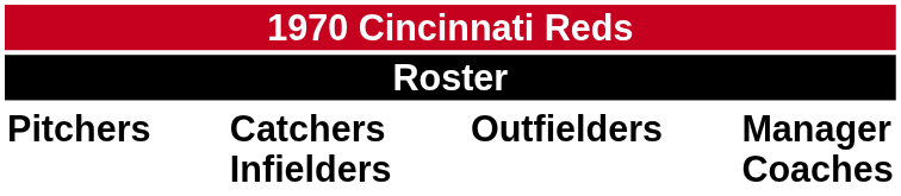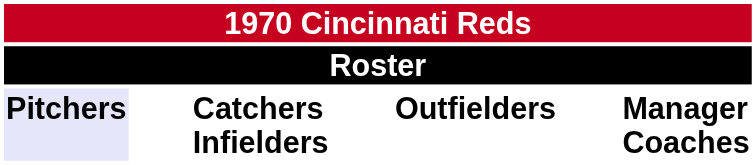 <table class="toccolours" style="font-size: 95%;">
 <tr>
 <th colspan="10" style="background-color: #c6011f; color: white; text-align: center;">1970 Cincinnati Reds</th>
 </tr>
 <tr>
 <td colspan="10" style="background-color: black; color: white; text-align: center;"><strong>Roster</strong></td>
 </tr>
 <tr>
-<td valign="top"><strong>Pitchers</strong><br>              </td>
+<td valign="top" style="background: lavender;"><strong>Pitchers</strong><br>              </td>
 <td width="25px"></td>
 <td valign="top"><strong>Catchers</strong><br>   <strong>Infielders</strong>        </td>
 <td width="25px"></td>
 <td valign="top"><strong>Outfielders</strong><br>      </td>
 <td width="25px"></td>
 <td valign="top"><strong>Manager</strong><br> <strong>Coaches</strong>    </td>
 </tr>
 </table>
